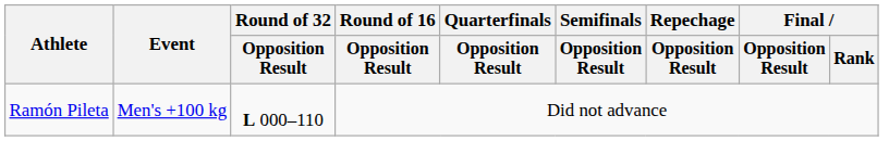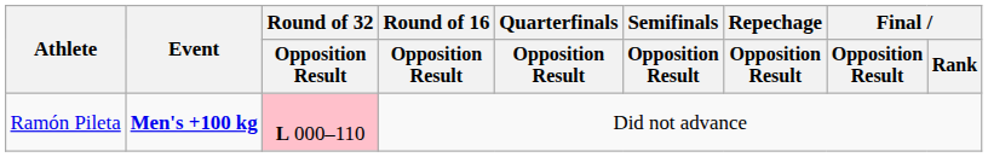 <table class="wikitable" style="font-size:90%">
 <tr>
 <th rowspan="2">Athlete</th>
 <th rowspan="2">Event</th>
 <th>Round of 32</th>
 <th>Round of 16</th>
 <th>Quarterfinals</th>
 <th>Semifinals</th>
 <th>Repechage</th>
 <th colspan=2>Final / </th>
 </tr>
 <tr style="font-size:95%">
 <th>Opposition<br>Result</th>
 <th>Opposition<br>Result</th>
 <th>Opposition<br>Result</th>
 <th>Opposition<br>Result</th>
 <th>Opposition<br>Result</th>
 <th>Opposition<br>Result</th>
 <th>Rank</th>
 </tr>
 <tr align=center>
 <td align=left><a href='#'>Ramón Pileta</a></td>
-<td align=left><a href='#'>Men's +100 kg</a></td>
-<td><br><strong>L</strong> 000–110</td>
+<td align=left><strong><a href='#'>Men's +100 kg</a></strong></td>
+<td style="background: pink;"><br><strong>L</strong> 000–110</td>
 <td colspan=6>Did not advance</td>
 </tr>
 </table>
